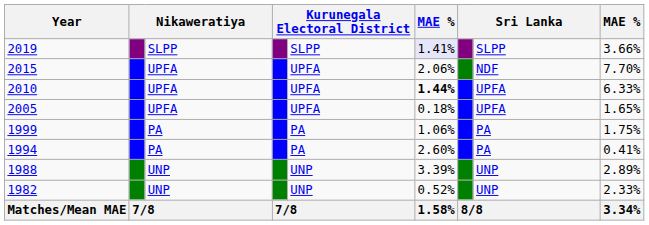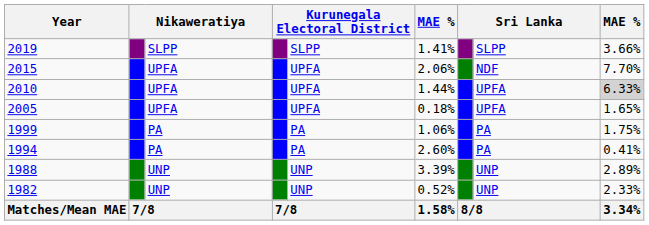 <table class="wikitable">
 <tr>
 <th>Year</th>
 <th colspan="2" width="144px">Nikaweratiya</th>
 <th colspan="2" width="144px"><a href='#'>Kurunegala Electoral District</a></th>
 <th><a href='#'>MAE</a> %</th>
 <th colspan="2" width="144px">Sri Lanka</th>
 <th>MAE %</th>
 </tr>
 <tr>
 <td><a href='#'>2019</a></td>
 <td style="background-color:purple;" width="10px"></td>
 <td style="text-align:left;"><a href='#'>SLPP</a></td>
 <td style="background-color:purple;" width="10px"></td>
 <td style="text-align:left;"><a href='#'>SLPP</a></td>
-<td style="background: lavender; text-align:right;">1.41%</td>
+<td style="text-align:right;">1.41%</td>
 <td style="background-color:purple;" width="10px"></td>
 <td style="text-align:left;"><a href='#'>SLPP</a></td>
 <td style="text-align:right;">3.66%</td>
 </tr>
 <tr>
 <td><a href='#'>2015</a></td>
 <td style="background-color:blue;" width="10px"></td>
 <td style="text-align:left;"><a href='#'>UPFA</a></td>
 <td style="background-color:blue;" width="10px"></td>
 <td style="text-align:left;"><a href='#'>UPFA</a></td>
 <td style="text-align:right;">2.06%</td>
 <td style="background-color:green;" width="10px"></td>
 <td style="text-align:left;"><a href='#'>NDF</a></td>
 <td style="text-align:right;">7.70%</td>
 </tr>
 <tr>
 <td><a href='#'>2010</a></td>
 <td style="background-color:blue;" width="10px"></td>
 <td style="text-align:left;"><a href='#'>UPFA</a></td>
 <td style="background-color:blue;" width="10px"></td>
 <td style="text-align:left;"><a href='#'>UPFA</a></td>
-<td style="text-align:right;"><strong>1.44%</strong></td>
+<td style="text-align:right;">1.44%</td>
 <td style="background-color:blue;" width="10px"></td>
 <td style="text-align:left;"><a href='#'>UPFA</a></td>
-<td style="text-align:right;">6.33%</td>
+<td style="background: lightgrey; text-align:right;">6.33%</td>
 </tr>
 <tr>
 <td><a href='#'>2005</a></td>
 <td style="background-color:blue;" width="10px"></td>
 <td style="text-align:left;"><a href='#'>UPFA</a></td>
 <td style="background-color:blue;" width="10px"></td>
 <td style="text-align:left;"><a href='#'>UPFA</a></td>
 <td style="text-align:right;">0.18%</td>
 <td style="background-color:blue;" width="10px"></td>
 <td style="text-align:left;"><a href='#'>UPFA</a></td>
 <td style="text-align:right;">1.65%</td>
 </tr>
 <tr>
 <td><a href='#'>1999</a></td>
 <td style="background-color:blue;" width="10px"></td>
 <td style="text-align:left;"><a href='#'>PA</a></td>
 <td style="background-color:blue;" width="10px"></td>
 <td style="text-align:left;"><a href='#'>PA</a></td>
 <td style="text-align:right;">1.06%</td>
 <td style="background-color:blue;" width="10px"></td>
 <td style="text-align:left;"><a href='#'>PA</a></td>
 <td style="text-align:right;">1.75%</td>
 </tr>
 <tr>
 <td><a href='#'>1994</a></td>
 <td style="background-color:blue;" width="10px"></td>
 <td style="text-align:left;"><a href='#'>PA</a></td>
 <td style="background-color:blue;" width="10px"></td>
 <td style="text-align:left;"><a href='#'>PA</a></td>
 <td style="text-align:right;">2.60%</td>
 <td style="background-color:blue;" width="10px"></td>
 <td style="text-align:left;"><a href='#'>PA</a></td>
 <td style="text-align:right;">0.41%</td>
 </tr>
 <tr>
 <td><a href='#'>1988</a></td>
 <td style="background-color:green;" width="10px"></td>
 <td style="text-align:left;"><a href='#'>UNP</a></td>
 <td style="background-color:green;" width="10px"></td>
 <td style="text-align:left;"><a href='#'>UNP</a></td>
 <td style="text-align:right;">3.39%</td>
 <td style="background-color:green;" width="10px"></td>
 <td style="text-align:left;"><a href='#'>UNP</a></td>
 <td style="text-align:right;">2.89%</td>
 </tr>
 <tr>
 <td><a href='#'>1982</a></td>
 <td style="background-color:green;" width="10px"></td>
 <td style="text-align:left;"><a href='#'>UNP</a></td>
 <td style="background-color:green;" width="10px"></td>
 <td style="text-align:left;"><a href='#'>UNP</a></td>
 <td style="text-align:right;">0.52%</td>
 <td style="background-color:green;" width="10px"></td>
 <td style="text-align:left;"><a href='#'>UNP</a></td>
 <td style="text-align:right;">2.33%</td>
 </tr>
 <tr>
 <th>Matches/Mean MAE</th>
 <th style="text-align:left;"colspan="2" width="144px">7/8</th>
 <th style="text-align:left;"colspan="2" width="144px">7/8</th>
 <th style="text-align:right;">1.58%</th>
 <th style="text-align:left;"colspan="2" width="144px">8/8</th>
 <th style="text-align:right;">3.34%</th>
 </tr>
 </table>
